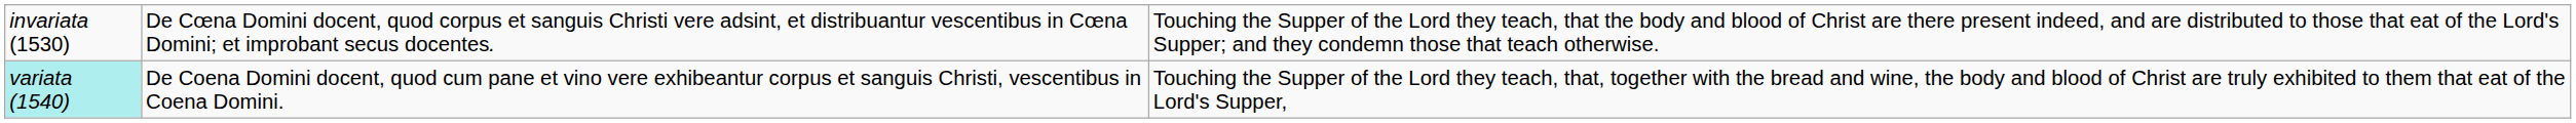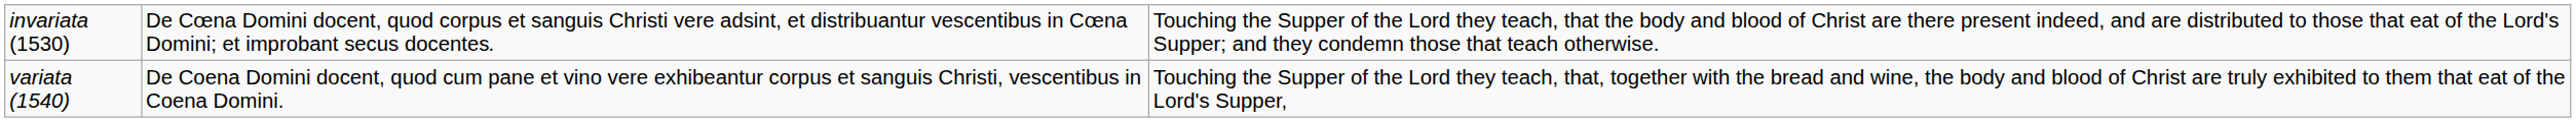 <table class="wikitable">
 <tr>
 <td><em>invariata</em> (1530)</td>
 <td>De Cœna Domini docent, quod corpus et sanguis Christi vere adsint, et distribuantur vescentibus in Cœna Domini; et improbant secus docentes<em>.</em></td>
 <td>Touching the Supper of the Lord they teach, that the body and blood of Christ are there present indeed, and are distributed to those that eat of the Lord's Supper; and they condemn those that teach otherwise.</td>
 </tr>
 <tr>
-<td style="background: paleturquoise;"><em>variata (1540)</em></td>
+<td><em>variata (1540)</em></td>
 <td>De Coena Domini docent, quod cum pane et vino vere exhibeantur corpus et sanguis Christi, vescentibus in Coena Domini.</td>
 <td>Touching the Supper of the Lord they teach, that, together with the bread and wine, the body and blood of Christ are truly exhibited to them that eat of the Lord's Supper,</td>
 </tr>
 </table>
